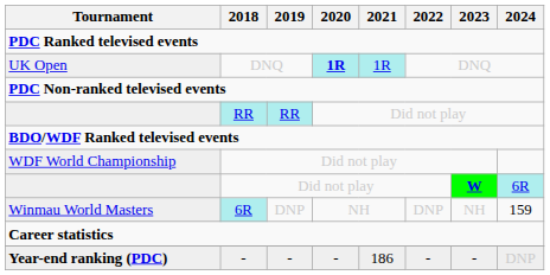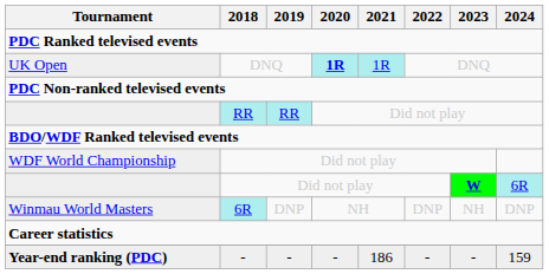 <table class="wikitable" style="width:45%; margin:0">
 <tr>
 <th>Tournament</th>
 <th>2018</th>
 <th>2019</th>
 <th>2020</th>
 <th>2021</th>
 <th>2022</th>
 <th>2023</th>
 <th>2024</th>
 </tr>
 <tr>
 <td colspan="8" align="left"><strong><a href='#'>PDC</a> Ranked televised events</strong></td>
 </tr>
 <tr>
 <td style="background:#efefef;"><a href='#'>UK Open</a></td>
 <td colspan="2" style="text-align:center; color:#ccc;">DNQ</td>
 <td style="text-align:center; background:#afeeee;"><strong><a href='#'>1R</a></strong></td>
 <td style="text-align:center; background:#afeeee;"><a href='#'>1R</a></td>
 <td colspan="3" style="text-align:center; color:#ccc;">DNQ</td>
 </tr>
 <tr>
 <td colspan="8" align="left"><strong><a href='#'>PDC</a> Non-ranked televised events</strong></td>
 </tr>
 <tr>
 <td style="background:#efefef;"></td>
 <td style="text-align:center; background:#afeeee;"><a href='#'>RR</a></td>
 <td style="text-align:center; background:#afeeee;"><a href='#'>RR</a></td>
 <td colspan="5" style="text-align:center; color:#ccc;">Did not play</td>
 </tr>
 <tr>
 <td colspan="8" align="left"><strong><a href='#'>BDO</a>/<a href='#'>WDF</a> Ranked televised events</strong></td>
 </tr>
 <tr>
 <td style="background:#efefef;"><a href='#'>WDF World Championship</a></td>
 <td colspan="6" style="text-align:center; color:#ccc;">Did not play</td>
 <td></td>
 </tr>
 <tr>
 <td style="background:#efefef;"></td>
 <td colspan="5" style="text-align:center; color:#ccc;">Did not play</td>
 <td style="text-align:center; background:lime;"><a href='#'><strong>W</strong></a></td>
 <td style="text-align:center; background:#afeeee;"><a href='#'>6R</a></td>
 </tr>
 <tr>
 <td style="background:#efefef;" align=left><a href='#'>Winmau World Masters</a></td>
 <td style="text-align:center; background:#afeeee;"><a href='#'>6R</a></td>
 <td style="text-align:center; color:#ccc;">DNP</td>
 <td colspan="2" style="text-align:center; color:#ccc;">NH</td>
 <td style="text-align:center; color:#ccc;">DNP</td>
 <td style="text-align:center; color:#ccc;">NH</td>
-<td style="text-align:center;">159</td>
+<td style="text-align:center; color:#ccc;">DNP</td>
 </tr>
 <tr>
 <td colspan="8" align="left"><strong>Career statistics</strong></td>
 </tr>
 <tr>
 </tr>
 <tr bgcolor="efefef">
 <td align="left"><strong>Year-end ranking (<a href='#'>PDC</a>)</strong></td>
 <td style="text-align:center;">-</td>
 <td style="text-align:center;">-</td>
 <td style="text-align:center;">-</td>
 <td style="text-align:center;">186</td>
 <td style="text-align:center;">-</td>
 <td style="text-align:center;">-</td>
-<td style="text-align:center; color:#ccc;">DNP</td>
+<td style="text-align:center;">159</td>
 </tr>
 </table>
